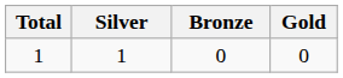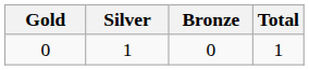 <table class="wikitable" width=20%>
 <tr>
-<th width=20%>Total</th>
+<th width=30%> Gold</th>
 <th width=30%> Silver</th>
 <th width=30%> Bronze</th>
-<th width=30%> Gold</th>
+<th width=20%>Total</th>
 </tr>
 <tr align=center>
-<td>1</td>
+<td>0</td>
 <td>1</td>
 <td>0</td>
-<td>0</td>
+<td>1</td>
 </tr>
 </table>
